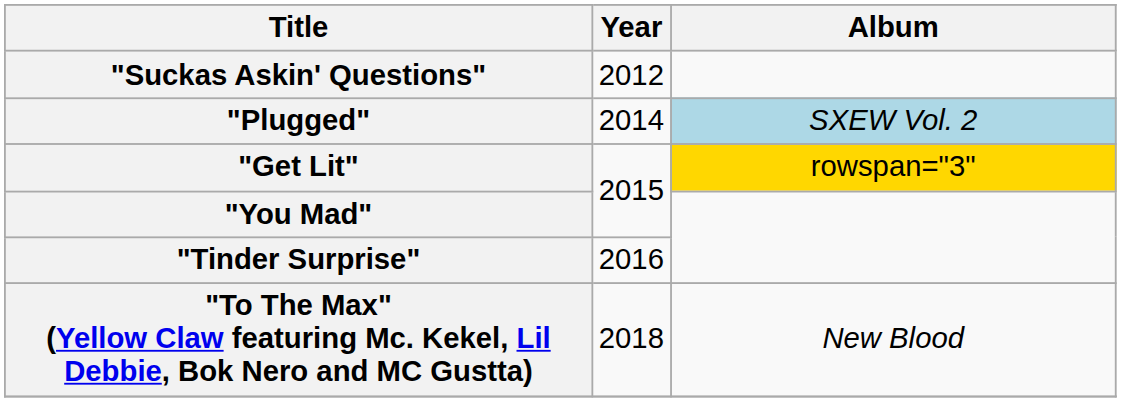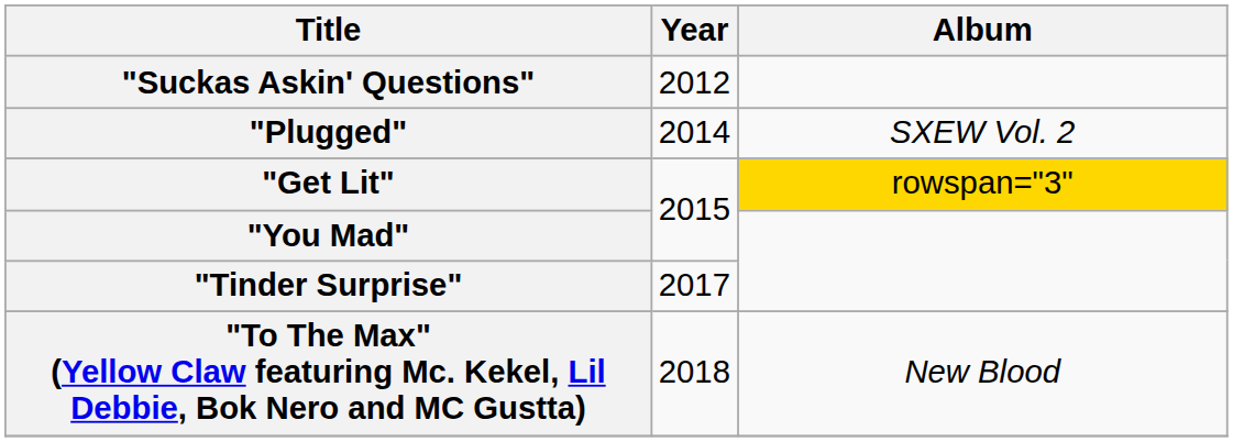 <table class="wikitable plainrowheaders" style="text-align:center;">
 <tr>
 <th scope="col" style="width:20em;">Title</th>
 <th scope="col" style="width:1em;">Year</th>
 <th scope="col" style="width:15em;">Album</th>
 </tr>
 <tr>
 <th scope="row">"Suckas Askin' Questions"<br></th>
 <td>2012</td>
 <td></td>
 </tr>
 <tr>
 <th scope="row">"Plugged"<br></th>
 <td>2014</td>
-<td style="background: lightblue;"><em>SXEW Vol. 2</em></td>
+<td><em>SXEW Vol. 2</em></td>
 </tr>
 <tr>
 <th scope="row">"Get Lit"<br></th>
 <td rowspan="2">2015</td>
 <td style="background: gold;">rowspan="3" </td>
 </tr>
 <tr>
 <th scope="row">"You Mad"<br></th>
 </tr>
 <tr>
 <th scope="row">"Tinder Surprise"<br></th>
-<td rowspan="1">2016</td>
+<td rowspan="1">2017</td>
 </tr>
 <tr>
 <th scope="row">"To The Max" <br><span>(<a href='#'>Yellow Claw</a> featuring Mc. Kekel, <a href='#'>Lil Debbie</a>, Bok Nero and MC Gustta)</span></th>
 <td>2018</td>
 <td><em>New Blood</em></td>
 </tr>
 <tr>
 </tr>
 </table>
